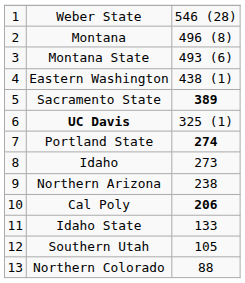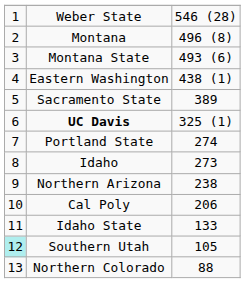 <table class="wikitable" style="display: inline-table;">
 <tr align="center">
 </tr>
 <tr align="center">
 <td>1</td>
 <td>Weber State</td>
 <td>546 (28)</td>
 </tr>
 <tr align="center">
 <td>2</td>
 <td>Montana</td>
 <td>496 (8)</td>
 </tr>
 <tr align="center">
 <td>3</td>
 <td>Montana State</td>
 <td>493 (6)</td>
 </tr>
 <tr align="center">
 <td>4</td>
 <td>Eastern Washington</td>
 <td>438 (1)</td>
 </tr>
 <tr align="center">
 <td>5</td>
 <td>Sacramento State</td>
-<td><strong>389</strong></td>
+<td>389</td>
 </tr>
 <tr align="center">
 <td>6</td>
 <td><strong>UC Davis</strong></td>
 <td>325 (1)</td>
 </tr>
 <tr align="center">
 <td>7</td>
 <td>Portland State</td>
-<td><strong>274</strong></td>
+<td>274</td>
 </tr>
 <tr align="center">
 <td>8</td>
 <td>Idaho</td>
 <td>273</td>
 </tr>
 <tr align="center">
 <td>9</td>
 <td>Northern Arizona</td>
 <td>238</td>
 </tr>
 <tr align="center">
 <td>10</td>
 <td>Cal Poly</td>
-<td><strong>206</strong></td>
+<td>206</td>
 </tr>
 <tr align="center">
 <td>11</td>
 <td>Idaho State</td>
 <td>133</td>
 </tr>
 <tr align="center">
-<td>12</td>
+<td style="background: paleturquoise;">12</td>
 <td>Southern Utah</td>
 <td>105</td>
 </tr>
 <tr align="center">
 <td>13</td>
 <td>Northern Colorado</td>
 <td>88</td>
 </tr>
 </table>
